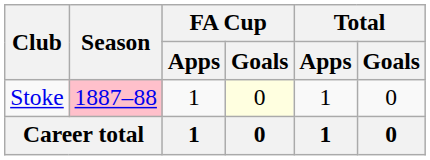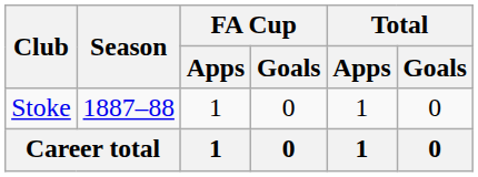 <table class="wikitable" style="text-align: center;">
 <tr>
 <th rowspan="2">Club</th>
 <th rowspan="2">Season</th>
 <th colspan="2">FA Cup</th>
 <th colspan="2">Total</th>
 </tr>
 <tr>
 <th>Apps</th>
 <th>Goals</th>
 <th>Apps</th>
 <th>Goals</th>
 </tr>
 <tr>
 <td><a href='#'>Stoke</a></td>
-<td style="background: pink;"><a href='#'>1887–88</a></td>
+<td><a href='#'>1887–88</a></td>
 <td>1</td>
-<td style="background: lightyellow;">0</td>
+<td>0</td>
 <td>1</td>
 <td>0</td>
 </tr>
 <tr>
 <th colspan="2">Career total</th>
 <th>1</th>
 <th>0</th>
 <th>1</th>
 <th>0</th>
 </tr>
 </table>
